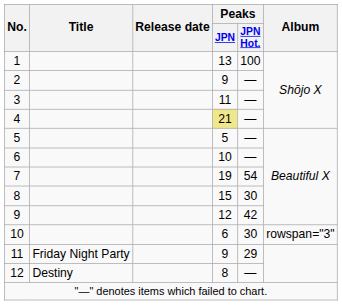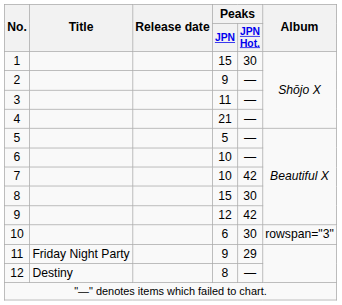 <table class="wikitable">
 <tr>
 <th rowspan="2">No.</th>
 <th rowspan="2">Title</th>
 <th rowspan="2">Release date</th>
 <th colspan="2">Peaks</th>
 <th rowspan="2">Album</th>
 </tr>
 <tr style="width:3em;font-size:85%;">
 <th><a href='#'>JPN</a><br></th>
 <th><a href='#'>JPN<br>Hot.</a><br></th>
 </tr>
 <tr>
 <td align="center">1</td>
 <td></td>
 <td></td>
-<td align="center">13</td>
-<td align="center">100</td>
+<td align="center">15</td>
+<td align="center">30</td>
 <td rowspan="4" style="text-align:center;"><em>Shōjo X</em></td>
 </tr>
 <tr>
 <td align="center">2</td>
 <td></td>
 <td></td>
 <td align="center">9</td>
 <td align="center">—</td>
 </tr>
 <tr>
 <td align="center">3</td>
 <td></td>
 <td></td>
 <td align="center">11</td>
 <td align="center">—</td>
 </tr>
 <tr>
 <td align="center">4</td>
 <td></td>
 <td></td>
-<td align="center" style="background: khaki;">21</td>
+<td align="center">21</td>
 <td align="center">—</td>
 </tr>
 <tr>
 <td align="center">5</td>
 <td></td>
 <td></td>
 <td align="center">5</td>
 <td align="center">—</td>
 <td rowspan="5" style="text-align:center;"><em>Beautiful X</em></td>
 </tr>
 <tr>
 <td align="center">6</td>
 <td></td>
 <td></td>
 <td align="center">10</td>
 <td align="center">—</td>
 </tr>
 <tr>
 <td align="center">7</td>
 <td></td>
 <td></td>
-<td align="center">19</td>
-<td align="center">54</td>
+<td align="center">10</td>
+<td align="center">42</td>
 </tr>
 <tr>
 <td align="center">8</td>
 <td></td>
 <td></td>
 <td align="center">15</td>
 <td align="center">30</td>
 </tr>
 <tr>
 <td align="center">9</td>
 <td></td>
 <td></td>
 <td align="center">12</td>
 <td align="center">42</td>
 </tr>
 <tr>
 <td align="center">10</td>
 <td></td>
 <td></td>
 <td align="center">6</td>
 <td align="center">30</td>
 <td>rowspan="3" </td>
 </tr>
 <tr>
 <td align="center">11</td>
 <td>Friday Night Party</td>
 <td></td>
 <td align="center">9</td>
 <td align="center">29</td>
 </tr>
 <tr>
 <td align="center">12</td>
 <td>Destiny</td>
 <td></td>
 <td align="center">8</td>
 <td align="center">—</td>
 </tr>
 <tr>
 <td colspan="6" align="center" style="font-size:90%;">"—" denotes items which failed to chart.</td>
 </tr>
 </table>
